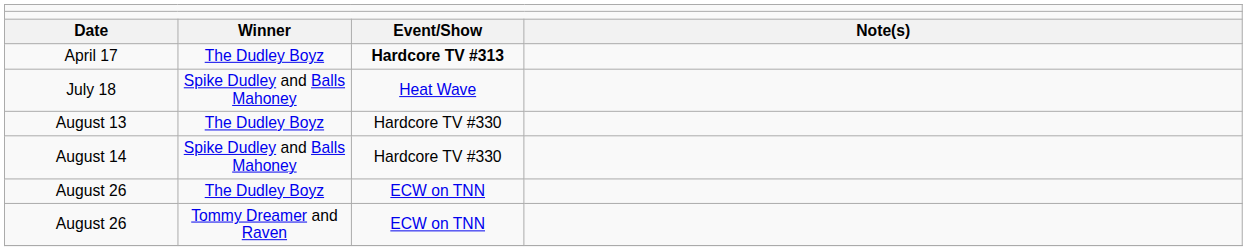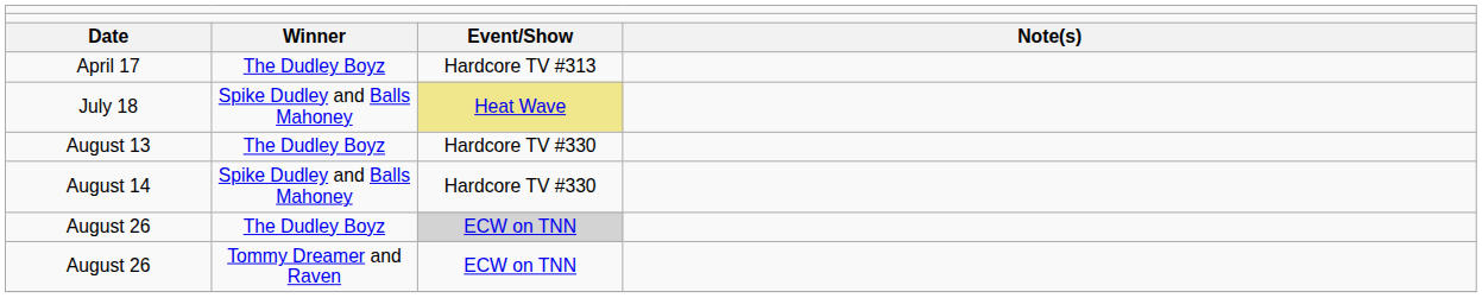 <table class="wikitable" style="text-align:center; width:100%;">
 <tr>
 <td colspan="5"></td>
 </tr>
 <tr>
 <td colspan="5"><strong></strong></td>
 </tr>
 <tr>
 <th width=14%>Date</th>
 <th width=14%>Winner</th>
 <th width=14%>Event/Show</th>
 <th width=58%>Note(s)</th>
 </tr>
 <tr>
 <td>April 17</td>
 <td><a href='#'>The Dudley Boyz</a><br></td>
-<td><strong>Hardcore TV #313</strong></td>
+<td>Hardcore TV #313</td>
 <td align=left></td>
 </tr>
 <tr>
 <td>July 18</td>
 <td><a href='#'>Spike Dudley</a> and <a href='#'>Balls Mahoney</a></td>
-<td><a href='#'>Heat Wave</a></td>
+<td style="background: khaki;"><a href='#'>Heat Wave</a></td>
 <td align=left></td>
 </tr>
 <tr>
 <td>August 13</td>
 <td><a href='#'>The Dudley Boyz</a><br></td>
 <td>Hardcore TV #330</td>
 <td align=left></td>
 </tr>
 <tr>
 <td>August 14</td>
 <td><a href='#'>Spike Dudley</a> and <a href='#'>Balls Mahoney</a></td>
 <td>Hardcore TV #330</td>
 <td align=left></td>
 </tr>
 <tr>
 <td>August 26</td>
 <td><a href='#'>The Dudley Boyz</a><br></td>
-<td><a href='#'>ECW on TNN</a></td>
+<td style="background: lightgrey;"><a href='#'>ECW on TNN</a></td>
 <td align=left></td>
 </tr>
 <tr>
 <td>August 26</td>
 <td><a href='#'>Tommy Dreamer</a> and <a href='#'>Raven</a></td>
 <td><a href='#'>ECW on TNN</a></td>
 <td align=left></td>
 </tr>
 <tr>
 </tr>
 </table>
